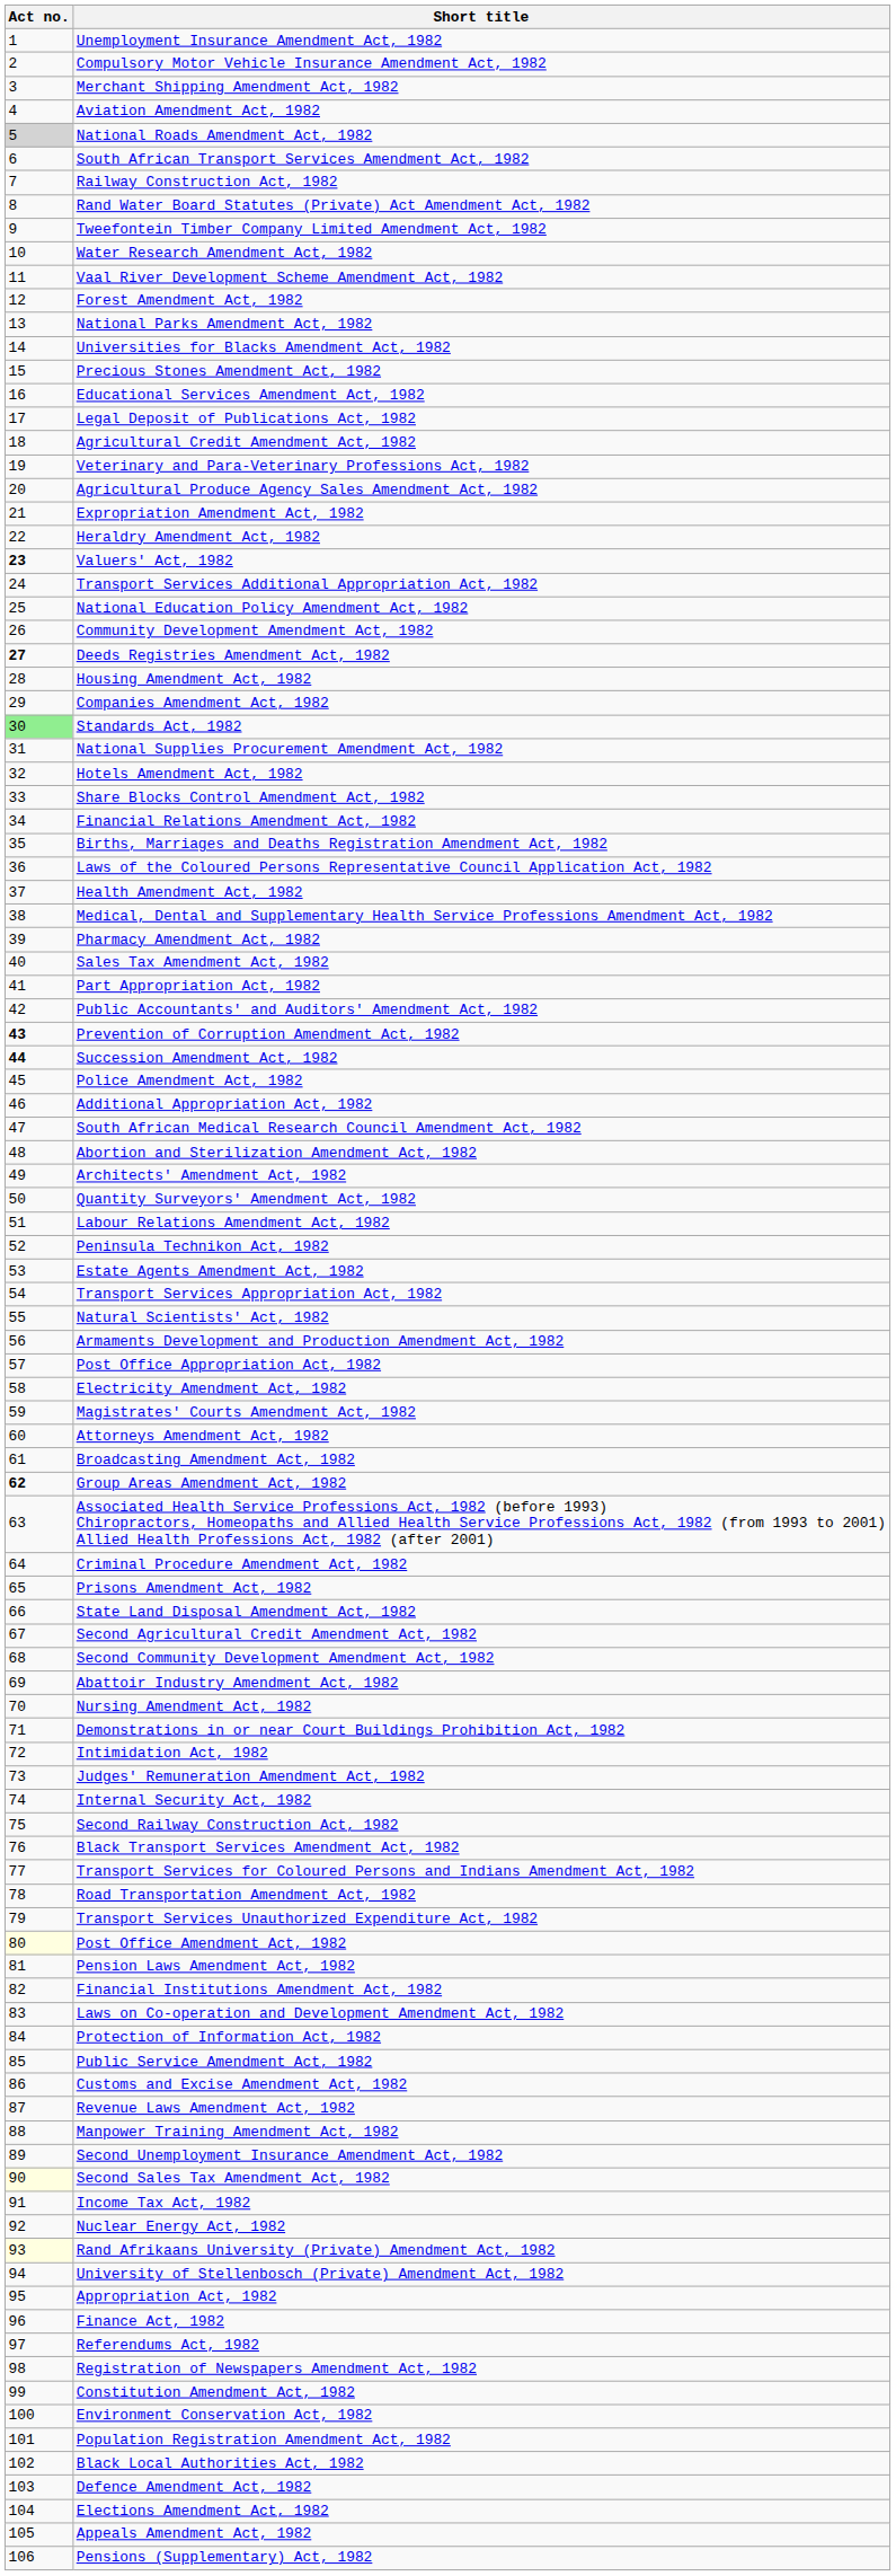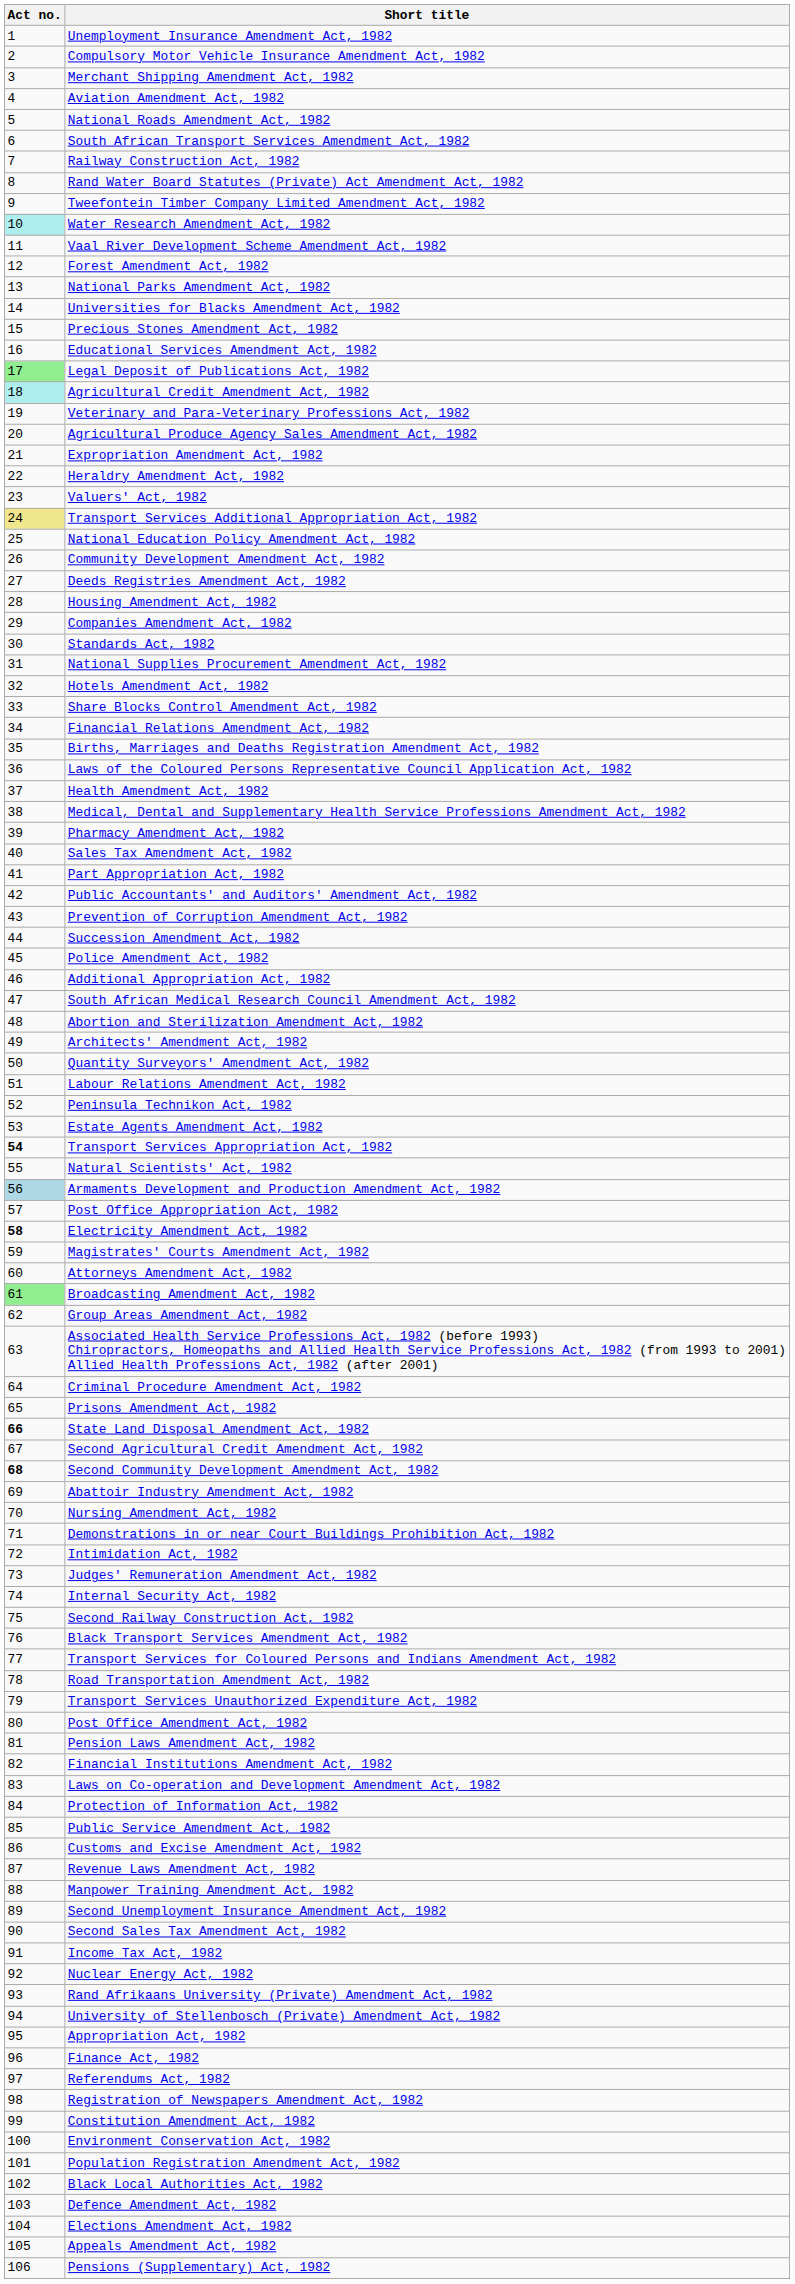 <table class="wikitable sortable">
 <tr>
 <th>Act no.</th>
 <th>Short title</th>
 </tr>
 <tr>
 <td>1</td>
 <td><a href='#'>Unemployment Insurance Amendment Act, 1982</a></td>
 </tr>
 <tr>
 <td>2</td>
 <td><a href='#'>Compulsory Motor Vehicle Insurance Amendment Act, 1982</a></td>
 </tr>
 <tr>
 <td>3</td>
 <td><a href='#'>Merchant Shipping Amendment Act, 1982</a></td>
 </tr>
 <tr>
 <td>4</td>
 <td><a href='#'>Aviation Amendment Act, 1982</a></td>
 </tr>
 <tr>
-<td style="background: lightgrey;">5</td>
+<td>5</td>
 <td><a href='#'>National Roads Amendment Act, 1982</a></td>
 </tr>
 <tr>
 <td>6</td>
 <td><a href='#'>South African Transport Services Amendment Act, 1982</a></td>
 </tr>
 <tr>
 <td>7</td>
 <td><a href='#'>Railway Construction Act, 1982</a></td>
 </tr>
 <tr>
 <td>8</td>
 <td><a href='#'>Rand Water Board Statutes (Private) Act Amendment Act, 1982</a></td>
 </tr>
 <tr>
 <td>9</td>
 <td><a href='#'>Tweefontein Timber Company Limited Amendment Act, 1982</a></td>
 </tr>
 <tr>
-<td>10</td>
+<td style="background: paleturquoise;">10</td>
 <td><a href='#'>Water Research Amendment Act, 1982</a></td>
 </tr>
 <tr>
 <td>11</td>
 <td><a href='#'>Vaal River Development Scheme Amendment Act, 1982</a></td>
 </tr>
 <tr>
 <td>12</td>
 <td><a href='#'>Forest Amendment Act, 1982</a></td>
 </tr>
 <tr>
 <td>13</td>
 <td><a href='#'>National Parks Amendment Act, 1982</a></td>
 </tr>
 <tr>
 <td>14</td>
 <td><a href='#'>Universities for Blacks Amendment Act, 1982</a></td>
 </tr>
 <tr>
 <td>15</td>
 <td><a href='#'>Precious Stones Amendment Act, 1982</a></td>
 </tr>
 <tr>
 <td>16</td>
 <td><a href='#'>Educational Services Amendment Act, 1982</a></td>
 </tr>
 <tr>
-<td>17</td>
+<td style="background: lightgreen;">17</td>
 <td><a href='#'>Legal Deposit of Publications Act, 1982</a></td>
 </tr>
 <tr>
-<td>18</td>
+<td style="background: paleturquoise;">18</td>
 <td><a href='#'>Agricultural Credit Amendment Act, 1982</a></td>
 </tr>
 <tr>
 <td>19</td>
 <td><a href='#'>Veterinary and Para-Veterinary Professions Act, 1982</a></td>
 </tr>
 <tr>
 <td>20</td>
 <td><a href='#'>Agricultural Produce Agency Sales Amendment Act, 1982</a></td>
 </tr>
 <tr>
 <td>21</td>
 <td><a href='#'>Expropriation Amendment Act, 1982</a></td>
 </tr>
 <tr>
 <td>22</td>
 <td><a href='#'>Heraldry Amendment Act, 1982</a></td>
 </tr>
 <tr>
-<td><strong>23</strong></td>
+<td>23</td>
 <td><a href='#'>Valuers' Act, 1982</a></td>
 </tr>
 <tr>
-<td>24</td>
+<td style="background: khaki;">24</td>
 <td><a href='#'>Transport Services Additional Appropriation Act, 1982</a></td>
 </tr>
 <tr>
 <td>25</td>
 <td><a href='#'>National Education Policy Amendment Act, 1982</a></td>
 </tr>
 <tr>
 <td>26</td>
 <td><a href='#'>Community Development Amendment Act, 1982</a></td>
 </tr>
 <tr>
-<td><strong>27</strong></td>
+<td>27</td>
 <td><a href='#'>Deeds Registries Amendment Act, 1982</a></td>
 </tr>
 <tr>
 <td>28</td>
 <td><a href='#'>Housing Amendment Act, 1982</a></td>
 </tr>
 <tr>
 <td>29</td>
 <td><a href='#'>Companies Amendment Act, 1982</a></td>
 </tr>
 <tr>
-<td style="background: lightgreen;">30</td>
+<td>30</td>
 <td><a href='#'>Standards Act, 1982</a></td>
 </tr>
 <tr>
 <td>31</td>
 <td><a href='#'>National Supplies Procurement Amendment Act, 1982</a></td>
 </tr>
 <tr>
 <td>32</td>
 <td><a href='#'>Hotels Amendment Act, 1982</a></td>
 </tr>
 <tr>
 <td>33</td>
 <td><a href='#'>Share Blocks Control Amendment Act, 1982</a></td>
 </tr>
 <tr>
 <td>34</td>
 <td><a href='#'>Financial Relations Amendment Act, 1982</a></td>
 </tr>
 <tr>
 <td>35</td>
 <td><a href='#'>Births, Marriages and Deaths Registration Amendment Act, 1982</a></td>
 </tr>
 <tr>
 <td>36</td>
 <td><a href='#'>Laws of the Coloured Persons Representative Council Application Act, 1982</a></td>
 </tr>
 <tr>
 <td>37</td>
 <td><a href='#'>Health Amendment Act, 1982</a></td>
 </tr>
 <tr>
 <td>38</td>
 <td><a href='#'>Medical, Dental and Supplementary Health Service Professions Amendment Act, 1982</a></td>
 </tr>
 <tr>
 <td>39</td>
 <td><a href='#'>Pharmacy Amendment Act, 1982</a></td>
 </tr>
 <tr>
 <td>40</td>
 <td><a href='#'>Sales Tax Amendment Act, 1982</a></td>
 </tr>
 <tr>
 <td>41</td>
 <td><a href='#'>Part Appropriation Act, 1982</a></td>
 </tr>
 <tr>
 <td>42</td>
 <td><a href='#'>Public Accountants' and Auditors' Amendment Act, 1982</a></td>
 </tr>
 <tr>
-<td><strong>43</strong></td>
+<td>43</td>
 <td><a href='#'>Prevention of Corruption Amendment Act, 1982</a></td>
 </tr>
 <tr>
-<td><strong>44</strong></td>
+<td>44</td>
 <td><a href='#'>Succession Amendment Act, 1982</a></td>
 </tr>
 <tr>
 <td>45</td>
 <td><a href='#'>Police Amendment Act, 1982</a></td>
 </tr>
 <tr>
 <td>46</td>
 <td><a href='#'>Additional Appropriation Act, 1982</a></td>
 </tr>
 <tr>
 <td>47</td>
 <td><a href='#'>South African Medical Research Council Amendment Act, 1982</a></td>
 </tr>
 <tr>
 <td>48</td>
 <td><a href='#'>Abortion and Sterilization Amendment Act, 1982</a></td>
 </tr>
 <tr>
 <td>49</td>
 <td><a href='#'>Architects' Amendment Act, 1982</a></td>
 </tr>
 <tr>
 <td>50</td>
 <td><a href='#'>Quantity Surveyors' Amendment Act, 1982</a></td>
 </tr>
 <tr>
 <td>51</td>
 <td><a href='#'>Labour Relations Amendment Act, 1982</a></td>
 </tr>
 <tr>
 <td>52</td>
 <td><a href='#'>Peninsula Technikon Act, 1982</a></td>
 </tr>
 <tr>
 <td>53</td>
 <td><a href='#'>Estate Agents Amendment Act, 1982</a></td>
 </tr>
 <tr>
-<td>54</td>
+<td><strong>54</strong></td>
 <td><a href='#'>Transport Services Appropriation Act, 1982</a></td>
 </tr>
 <tr>
 <td>55</td>
 <td><a href='#'>Natural Scientists' Act, 1982</a></td>
 </tr>
 <tr>
-<td>56</td>
+<td style="background: lightblue;">56</td>
 <td><a href='#'>Armaments Development and Production Amendment Act, 1982</a></td>
 </tr>
 <tr>
 <td>57</td>
 <td><a href='#'>Post Office Appropriation Act, 1982</a></td>
 </tr>
 <tr>
-<td>58</td>
+<td><strong>58</strong></td>
 <td><a href='#'>Electricity Amendment Act, 1982</a></td>
 </tr>
 <tr>
 <td>59</td>
 <td><a href='#'>Magistrates' Courts Amendment Act, 1982</a></td>
 </tr>
 <tr>
 <td>60</td>
 <td><a href='#'>Attorneys Amendment Act, 1982</a></td>
 </tr>
 <tr>
-<td>61</td>
+<td style="background: lightgreen;">61</td>
 <td><a href='#'>Broadcasting Amendment Act, 1982</a></td>
 </tr>
 <tr>
-<td><strong>62</strong></td>
+<td>62</td>
 <td><a href='#'>Group Areas Amendment Act, 1982</a></td>
 </tr>
 <tr>
 <td>63</td>
 <td><a href='#'>Associated Health Service Professions Act, 1982</a> (before 1993) <br><a href='#'>Chiropractors, Homeopaths and Allied Health Service Professions Act, 1982</a> (from 1993 to 2001) <br><a href='#'>Allied Health Professions Act, 1982</a> (after 2001)</td>
 </tr>
 <tr>
 <td>64</td>
 <td><a href='#'>Criminal Procedure Amendment Act, 1982</a></td>
 </tr>
 <tr>
 <td>65</td>
 <td><a href='#'>Prisons Amendment Act, 1982</a></td>
 </tr>
 <tr>
-<td>66</td>
+<td><strong>66</strong></td>
 <td><a href='#'>State Land Disposal Amendment Act, 1982</a></td>
 </tr>
 <tr>
 <td>67</td>
 <td><a href='#'>Second Agricultural Credit Amendment Act, 1982</a></td>
 </tr>
 <tr>
-<td>68</td>
+<td><strong>68</strong></td>
 <td><a href='#'>Second Community Development Amendment Act, 1982</a></td>
 </tr>
 <tr>
 <td>69</td>
 <td><a href='#'>Abattoir Industry Amendment Act, 1982</a></td>
 </tr>
 <tr>
 <td>70</td>
 <td><a href='#'>Nursing Amendment Act, 1982</a></td>
 </tr>
 <tr>
 <td>71</td>
 <td><a href='#'>Demonstrations in or near Court Buildings Prohibition Act, 1982</a></td>
 </tr>
 <tr>
 <td>72</td>
 <td><a href='#'>Intimidation Act, 1982</a></td>
 </tr>
 <tr>
 <td>73</td>
 <td><a href='#'>Judges' Remuneration Amendment Act, 1982</a></td>
 </tr>
 <tr>
 <td>74</td>
 <td><a href='#'>Internal Security Act, 1982</a></td>
 </tr>
 <tr>
 <td>75</td>
 <td><a href='#'>Second Railway Construction Act, 1982</a></td>
 </tr>
 <tr>
 <td>76</td>
 <td><a href='#'>Black Transport Services Amendment Act, 1982</a></td>
 </tr>
 <tr>
 <td>77</td>
 <td><a href='#'>Transport Services for Coloured Persons and Indians Amendment Act, 1982</a></td>
 </tr>
 <tr>
 <td>78</td>
 <td><a href='#'>Road Transportation Amendment Act, 1982</a></td>
 </tr>
 <tr>
 <td>79</td>
 <td><a href='#'>Transport Services Unauthorized Expenditure Act, 1982</a></td>
 </tr>
 <tr>
-<td style="background: lightyellow;">80</td>
+<td>80</td>
 <td><a href='#'>Post Office Amendment Act, 1982</a></td>
 </tr>
 <tr>
 <td>81</td>
 <td><a href='#'>Pension Laws Amendment Act, 1982</a></td>
 </tr>
 <tr>
 <td>82</td>
 <td><a href='#'>Financial Institutions Amendment Act, 1982</a></td>
 </tr>
 <tr>
 <td>83</td>
 <td><a href='#'>Laws on Co-operation and Development Amendment Act, 1982</a></td>
 </tr>
 <tr>
 <td>84</td>
 <td><a href='#'>Protection of Information Act, 1982</a></td>
 </tr>
 <tr>
 <td>85</td>
 <td><a href='#'>Public Service Amendment Act, 1982</a></td>
 </tr>
 <tr>
 <td>86</td>
 <td><a href='#'>Customs and Excise Amendment Act, 1982</a></td>
 </tr>
 <tr>
 <td>87</td>
 <td><a href='#'>Revenue Laws Amendment Act, 1982</a></td>
 </tr>
 <tr>
 <td>88</td>
 <td><a href='#'>Manpower Training Amendment Act, 1982</a></td>
 </tr>
 <tr>
 <td>89</td>
 <td><a href='#'>Second Unemployment Insurance Amendment Act, 1982</a></td>
 </tr>
 <tr>
-<td style="background: lightyellow;">90</td>
+<td>90</td>
 <td><a href='#'>Second Sales Tax Amendment Act, 1982</a></td>
 </tr>
 <tr>
 <td>91</td>
 <td><a href='#'>Income Tax Act, 1982</a></td>
 </tr>
 <tr>
 <td>92</td>
 <td><a href='#'>Nuclear Energy Act, 1982</a></td>
 </tr>
 <tr>
-<td style="background: lightyellow;">93</td>
+<td>93</td>
 <td><a href='#'>Rand Afrikaans University (Private) Amendment Act, 1982</a></td>
 </tr>
 <tr>
 <td>94</td>
 <td><a href='#'>University of Stellenbosch (Private) Amendment Act, 1982</a></td>
 </tr>
 <tr>
 <td>95</td>
 <td><a href='#'>Appropriation Act, 1982</a></td>
 </tr>
 <tr>
 <td>96</td>
 <td><a href='#'>Finance Act, 1982</a></td>
 </tr>
 <tr>
 <td>97</td>
 <td><a href='#'>Referendums Act, 1982</a></td>
 </tr>
 <tr>
 <td>98</td>
 <td><a href='#'>Registration of Newspapers Amendment Act, 1982</a></td>
 </tr>
 <tr>
 <td>99</td>
 <td><a href='#'>Constitution Amendment Act, 1982</a></td>
 </tr>
 <tr>
 <td>100</td>
 <td><a href='#'>Environment Conservation Act, 1982</a></td>
 </tr>
 <tr>
 <td>101</td>
 <td><a href='#'>Population Registration Amendment Act, 1982</a></td>
 </tr>
 <tr>
 <td>102</td>
 <td><a href='#'>Black Local Authorities Act, 1982</a></td>
 </tr>
 <tr>
 <td>103</td>
 <td><a href='#'>Defence Amendment Act, 1982</a></td>
 </tr>
 <tr>
 <td>104</td>
 <td><a href='#'>Elections Amendment Act, 1982</a></td>
 </tr>
 <tr>
 <td>105</td>
 <td><a href='#'>Appeals Amendment Act, 1982</a></td>
 </tr>
 <tr>
 <td>106</td>
 <td><a href='#'>Pensions (Supplementary) Act, 1982</a></td>
 </tr>
 </table>
